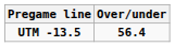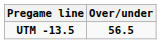 <table class="wikitable">
 <tr align="center">
 <th>Pregame line</th>
 <th>Over/under</th>
 </tr>
 <tr align="center">
 <td><strong>UTM -13.5</strong></td>
-<td><strong>56.4</strong></td>
+<td><strong>56.5</strong></td>
 </tr>
 </table>
